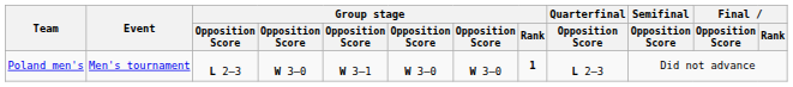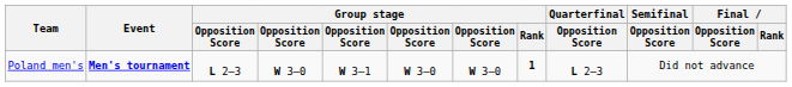 <table class=wikitable style=font-size:90%;text-align:center>
 <tr>
 <th rowspan=2>Team</th>
 <th rowspan=2>Event</th>
 <th colspan=6>Group stage</th>
 <th>Quarterfinal</th>
 <th>Semifinal</th>
 <th colspan=2>Final / </th>
 </tr>
 <tr style=font-size:95%>
 <th>Opposition<br>Score</th>
 <th>Opposition<br>Score</th>
 <th>Opposition<br>Score</th>
 <th>Opposition<br>Score</th>
 <th>Opposition<br>Score</th>
 <th>Rank</th>
 <th>Opposition<br>Score</th>
 <th>Opposition<br>Score</th>
 <th>Opposition<br>Score</th>
 <th>Rank</th>
 </tr>
 <tr>
 <td align=left><a href='#'>Poland men's</a></td>
-<td align=left><a href='#'>Men's tournament</a></td>
+<td align=left><strong><a href='#'>Men's tournament</a></strong></td>
 <td><br><strong>L</strong> 2–3</td>
 <td><br><strong>W</strong> 3–0</td>
 <td><br><strong>W</strong> 3–1</td>
 <td><br><strong>W</strong> 3–0</td>
 <td><br><strong>W</strong> 3–0</td>
 <td><strong>1</strong></td>
 <td><br><strong>L</strong> 2–3</td>
 <td colspan=3>Did not advance</td>
 </tr>
 </table>
